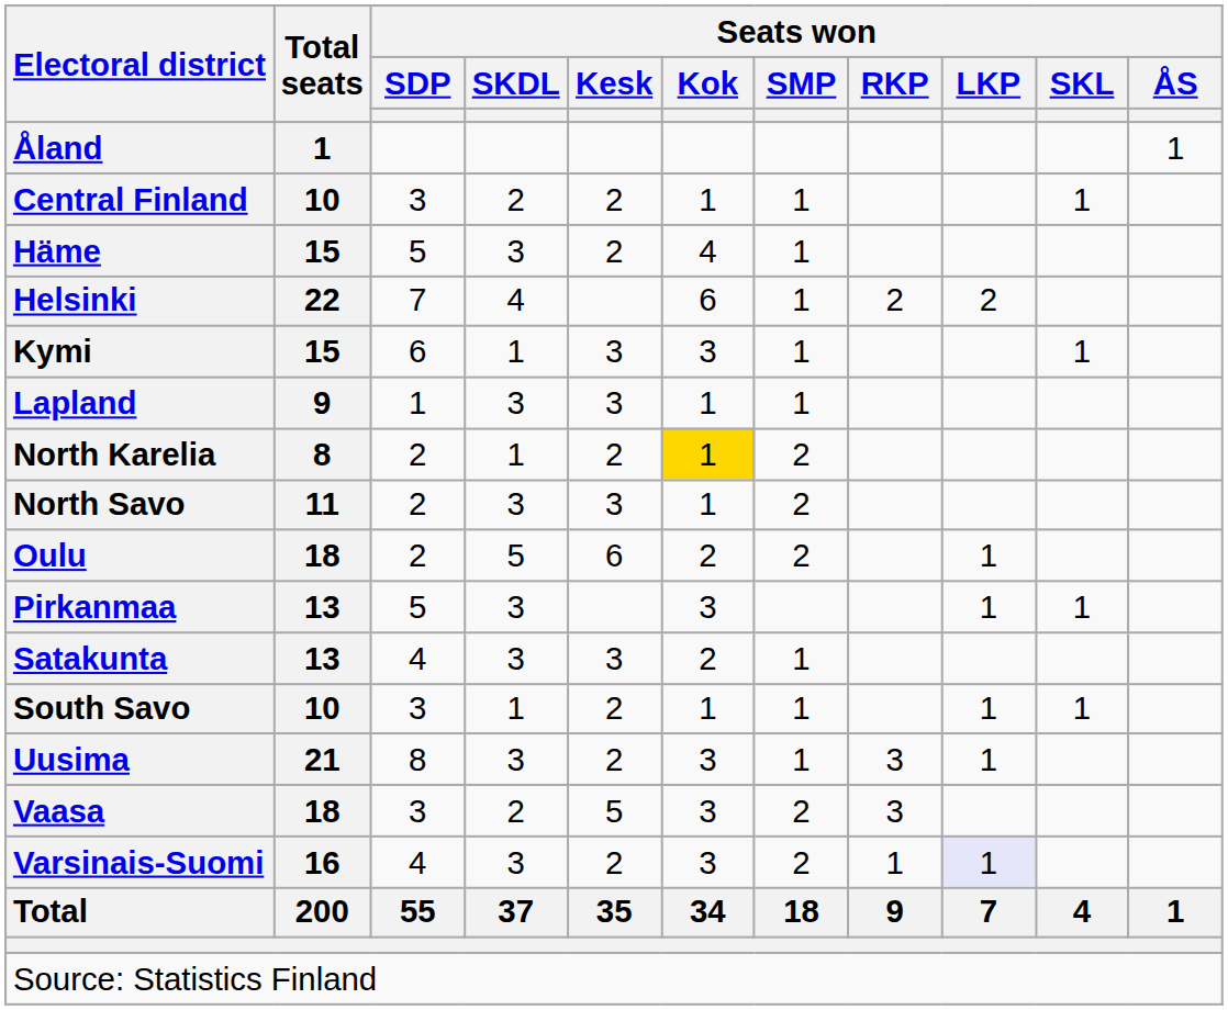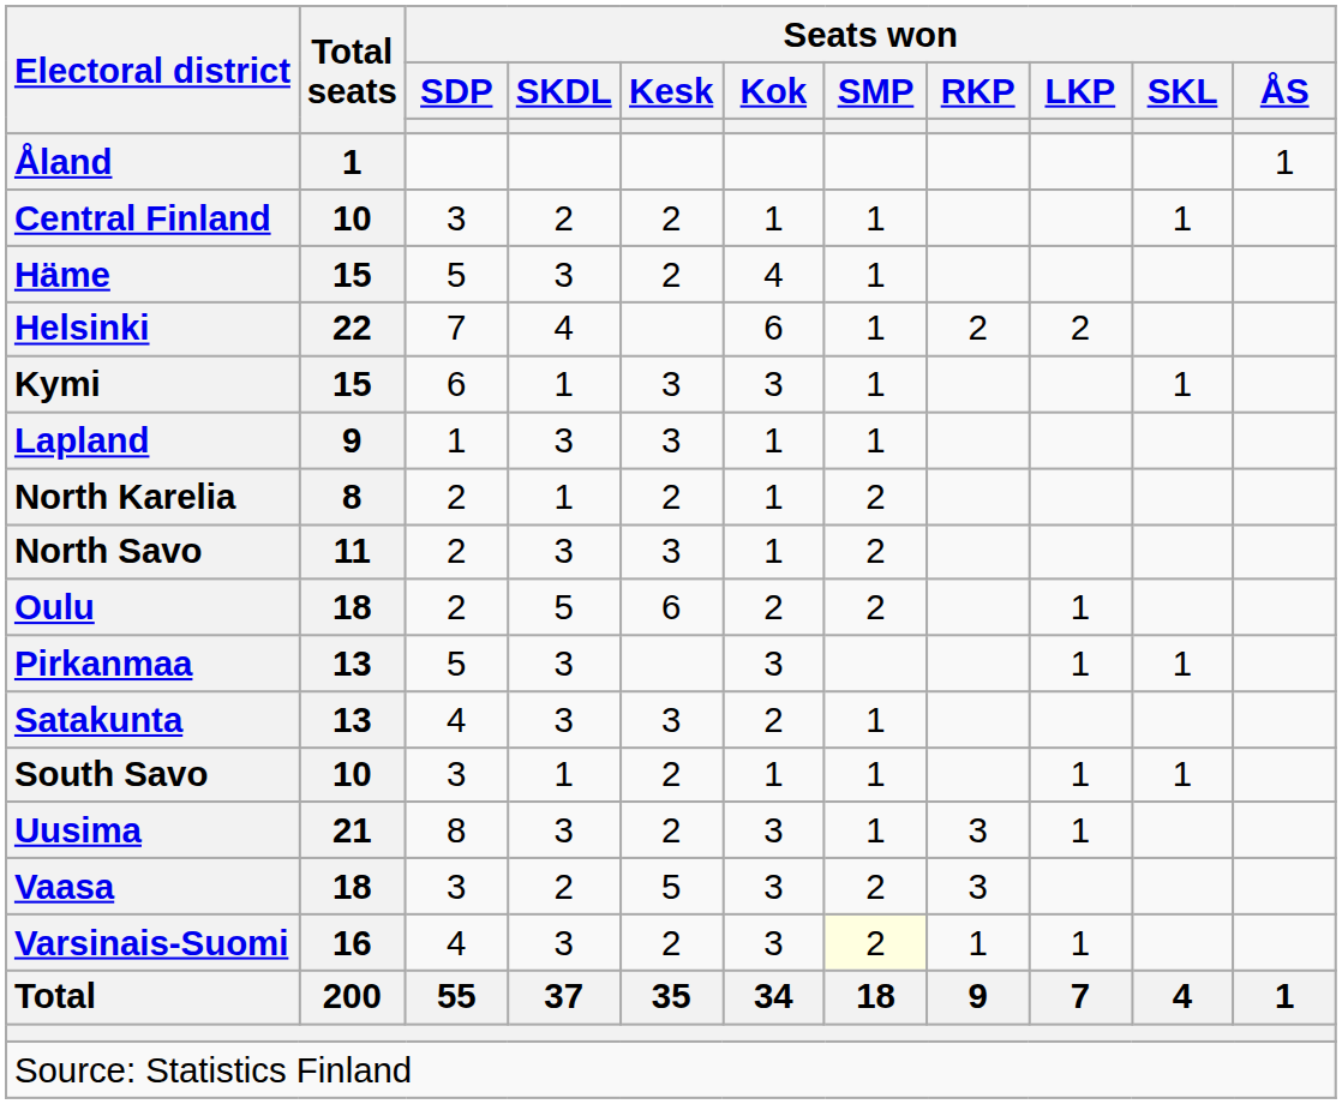 <table class="wikitable" style="text-align:center; font-size: 0.9em;">
 <tr>
 <th rowspan="3"><a href='#'>Electoral district</a></th>
 <th rowspan="3">Total<br>seats</th>
 <th colspan="9">Seats won</th>
 </tr>
 <tr>
 <th class="unsortable" style="width:35px;"><a href='#'>SDP</a></th>
 <th class="unsortable" style="width:35px;"><a href='#'>SKDL</a></th>
 <th class="unsortable" style="width:35px;"><a href='#'>Kesk</a></th>
 <th class="unsortable" style="width:35px;"><a href='#'>Kok</a></th>
 <th class="unsortable" style="width:35px;"><a href='#'>SMP</a></th>
 <th class="unsortable" style="width:35px;"><a href='#'>RKP</a></th>
 <th class="unsortable" style="width:35px;"><a href='#'>LKP</a></th>
 <th class="unsortable" style="width:35px;"><a href='#'>SKL</a></th>
 <th class="unsortable" style="width:35px;"><a href='#'>ÅS</a></th>
 </tr>
 <tr>
 <th style="background:"></th>
 <th style="background:"></th>
 <th style="background:"></th>
 <th style="background:"></th>
 <th style="background:"></th>
 <th style="background:"></th>
 <th style="background:"></th>
 <th style="background:"></th>
 <th style="background:"></th>
 </tr>
 <tr>
 <th style="text-align: left;"><a href='#'>Åland</a></th>
 <th>1</th>
 <td></td>
 <td></td>
 <td></td>
 <td></td>
 <td></td>
 <td></td>
 <td></td>
 <td></td>
 <td>1</td>
 </tr>
 <tr>
 <th style="text-align: left;"><a href='#'>Central Finland</a></th>
 <th>10</th>
 <td>3</td>
 <td>2</td>
 <td>2</td>
 <td>1</td>
 <td>1</td>
 <td></td>
 <td></td>
 <td>1</td>
 <td></td>
 </tr>
 <tr>
 <th style="text-align: left;"><a href='#'>Häme</a></th>
 <th>15</th>
 <td>5</td>
 <td>3</td>
 <td>2</td>
 <td>4</td>
 <td>1</td>
 <td></td>
 <td></td>
 <td></td>
 <td></td>
 </tr>
 <tr>
 <th style="text-align: left;"><a href='#'>Helsinki</a></th>
 <th>22</th>
 <td>7</td>
 <td>4</td>
 <td></td>
 <td>6</td>
 <td>1</td>
 <td>2</td>
 <td>2</td>
 <td></td>
 <td></td>
 </tr>
 <tr>
 <th style="text-align: left;">Kymi</th>
 <th>15</th>
 <td>6</td>
 <td>1</td>
 <td>3</td>
 <td>3</td>
 <td>1</td>
 <td></td>
 <td></td>
 <td>1</td>
 <td></td>
 </tr>
 <tr>
 <th style="text-align: left;"><a href='#'>Lapland</a></th>
 <th>9</th>
 <td>1</td>
 <td>3</td>
 <td>3</td>
 <td>1</td>
 <td>1</td>
 <td></td>
 <td></td>
 <td></td>
 <td></td>
 </tr>
 <tr>
 <th style="text-align: left;">North Karelia</th>
 <th>8</th>
 <td>2</td>
 <td>1</td>
 <td>2</td>
-<td style="background: gold;">1</td>
+<td>1</td>
 <td>2</td>
 <td></td>
 <td></td>
 <td></td>
 <td></td>
 </tr>
 <tr>
 <th style="text-align: left;">North Savo</th>
 <th>11</th>
 <td>2</td>
 <td>3</td>
 <td>3</td>
 <td>1</td>
 <td>2</td>
 <td></td>
 <td></td>
 <td></td>
 <td></td>
 </tr>
 <tr>
 <th style="text-align: left;"><a href='#'>Oulu</a></th>
 <th>18</th>
 <td>2</td>
 <td>5</td>
 <td>6</td>
 <td>2</td>
 <td>2</td>
 <td></td>
 <td>1</td>
 <td></td>
 <td></td>
 </tr>
 <tr>
 <th style="text-align: left;"><a href='#'>Pirkanmaa</a></th>
 <th>13</th>
 <td>5</td>
 <td>3</td>
 <td></td>
 <td>3</td>
 <td></td>
 <td></td>
 <td>1</td>
 <td>1</td>
 <td></td>
 </tr>
 <tr>
 <th style="text-align: left;"><a href='#'>Satakunta</a></th>
 <th>13</th>
 <td>4</td>
 <td>3</td>
 <td>3</td>
 <td>2</td>
 <td>1</td>
 <td></td>
 <td></td>
 <td></td>
 <td></td>
 </tr>
 <tr>
 <th style="text-align: left;">South Savo</th>
 <th>10</th>
 <td>3</td>
 <td>1</td>
 <td>2</td>
 <td>1</td>
 <td>1</td>
 <td></td>
 <td>1</td>
 <td>1</td>
 <td></td>
 </tr>
 <tr>
 <th style="text-align: left;"><a href='#'>Uusima</a></th>
 <th>21</th>
 <td>8</td>
 <td>3</td>
 <td>2</td>
 <td>3</td>
 <td>1</td>
 <td>3</td>
 <td>1</td>
 <td></td>
 <td></td>
 </tr>
 <tr>
 <th style="text-align: left;"><a href='#'>Vaasa</a></th>
 <th>18</th>
 <td>3</td>
 <td>2</td>
 <td>5</td>
 <td>3</td>
 <td>2</td>
 <td>3</td>
 <td></td>
 <td></td>
 <td></td>
 </tr>
 <tr>
 <th style="text-align: left;"><a href='#'>Varsinais-Suomi</a></th>
 <th>16</th>
 <td>4</td>
 <td>3</td>
 <td>2</td>
 <td>3</td>
-<td>2</td>
+<td style="background: lightyellow;">2</td>
 <td>1</td>
-<td style="background: lavender;">1</td>
+<td>1</td>
 <td></td>
 <td></td>
 </tr>
 <tr class="sortbottom">
 <th style="text-align: left;">Total</th>
 <th>200</th>
 <th>55</th>
 <th>37</th>
 <th>35</th>
 <th>34</th>
 <th>18</th>
 <th>9</th>
 <th>7</th>
 <th>4</th>
 <th>1</th>
 </tr>
 <tr>
 <th colspan="11"></th>
 </tr>
 <tr>
 <td colspan="11" align=left>Source: Statistics Finland</td>
 </tr>
 </table>
